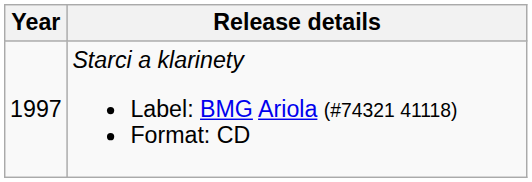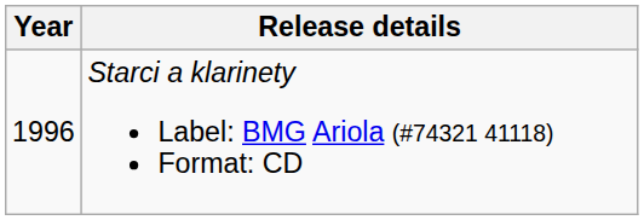 <table class="wikitable" style="text-align:center;">
 <tr>
 <th width="1">Year</th>
 <th width="310">Release details</th>
 </tr>
 <tr>
-<td>1997</td>
+<td>1996</td>
 <td align="left"><em>Starci a klarinety</em><br><ul><li>Label: <a href='#'>BMG</a> <a href='#'>Ariola</a> <small>(#74321 41118)</small></li><li>Format: CD</li></ul></td>
 </tr>
 </table>
